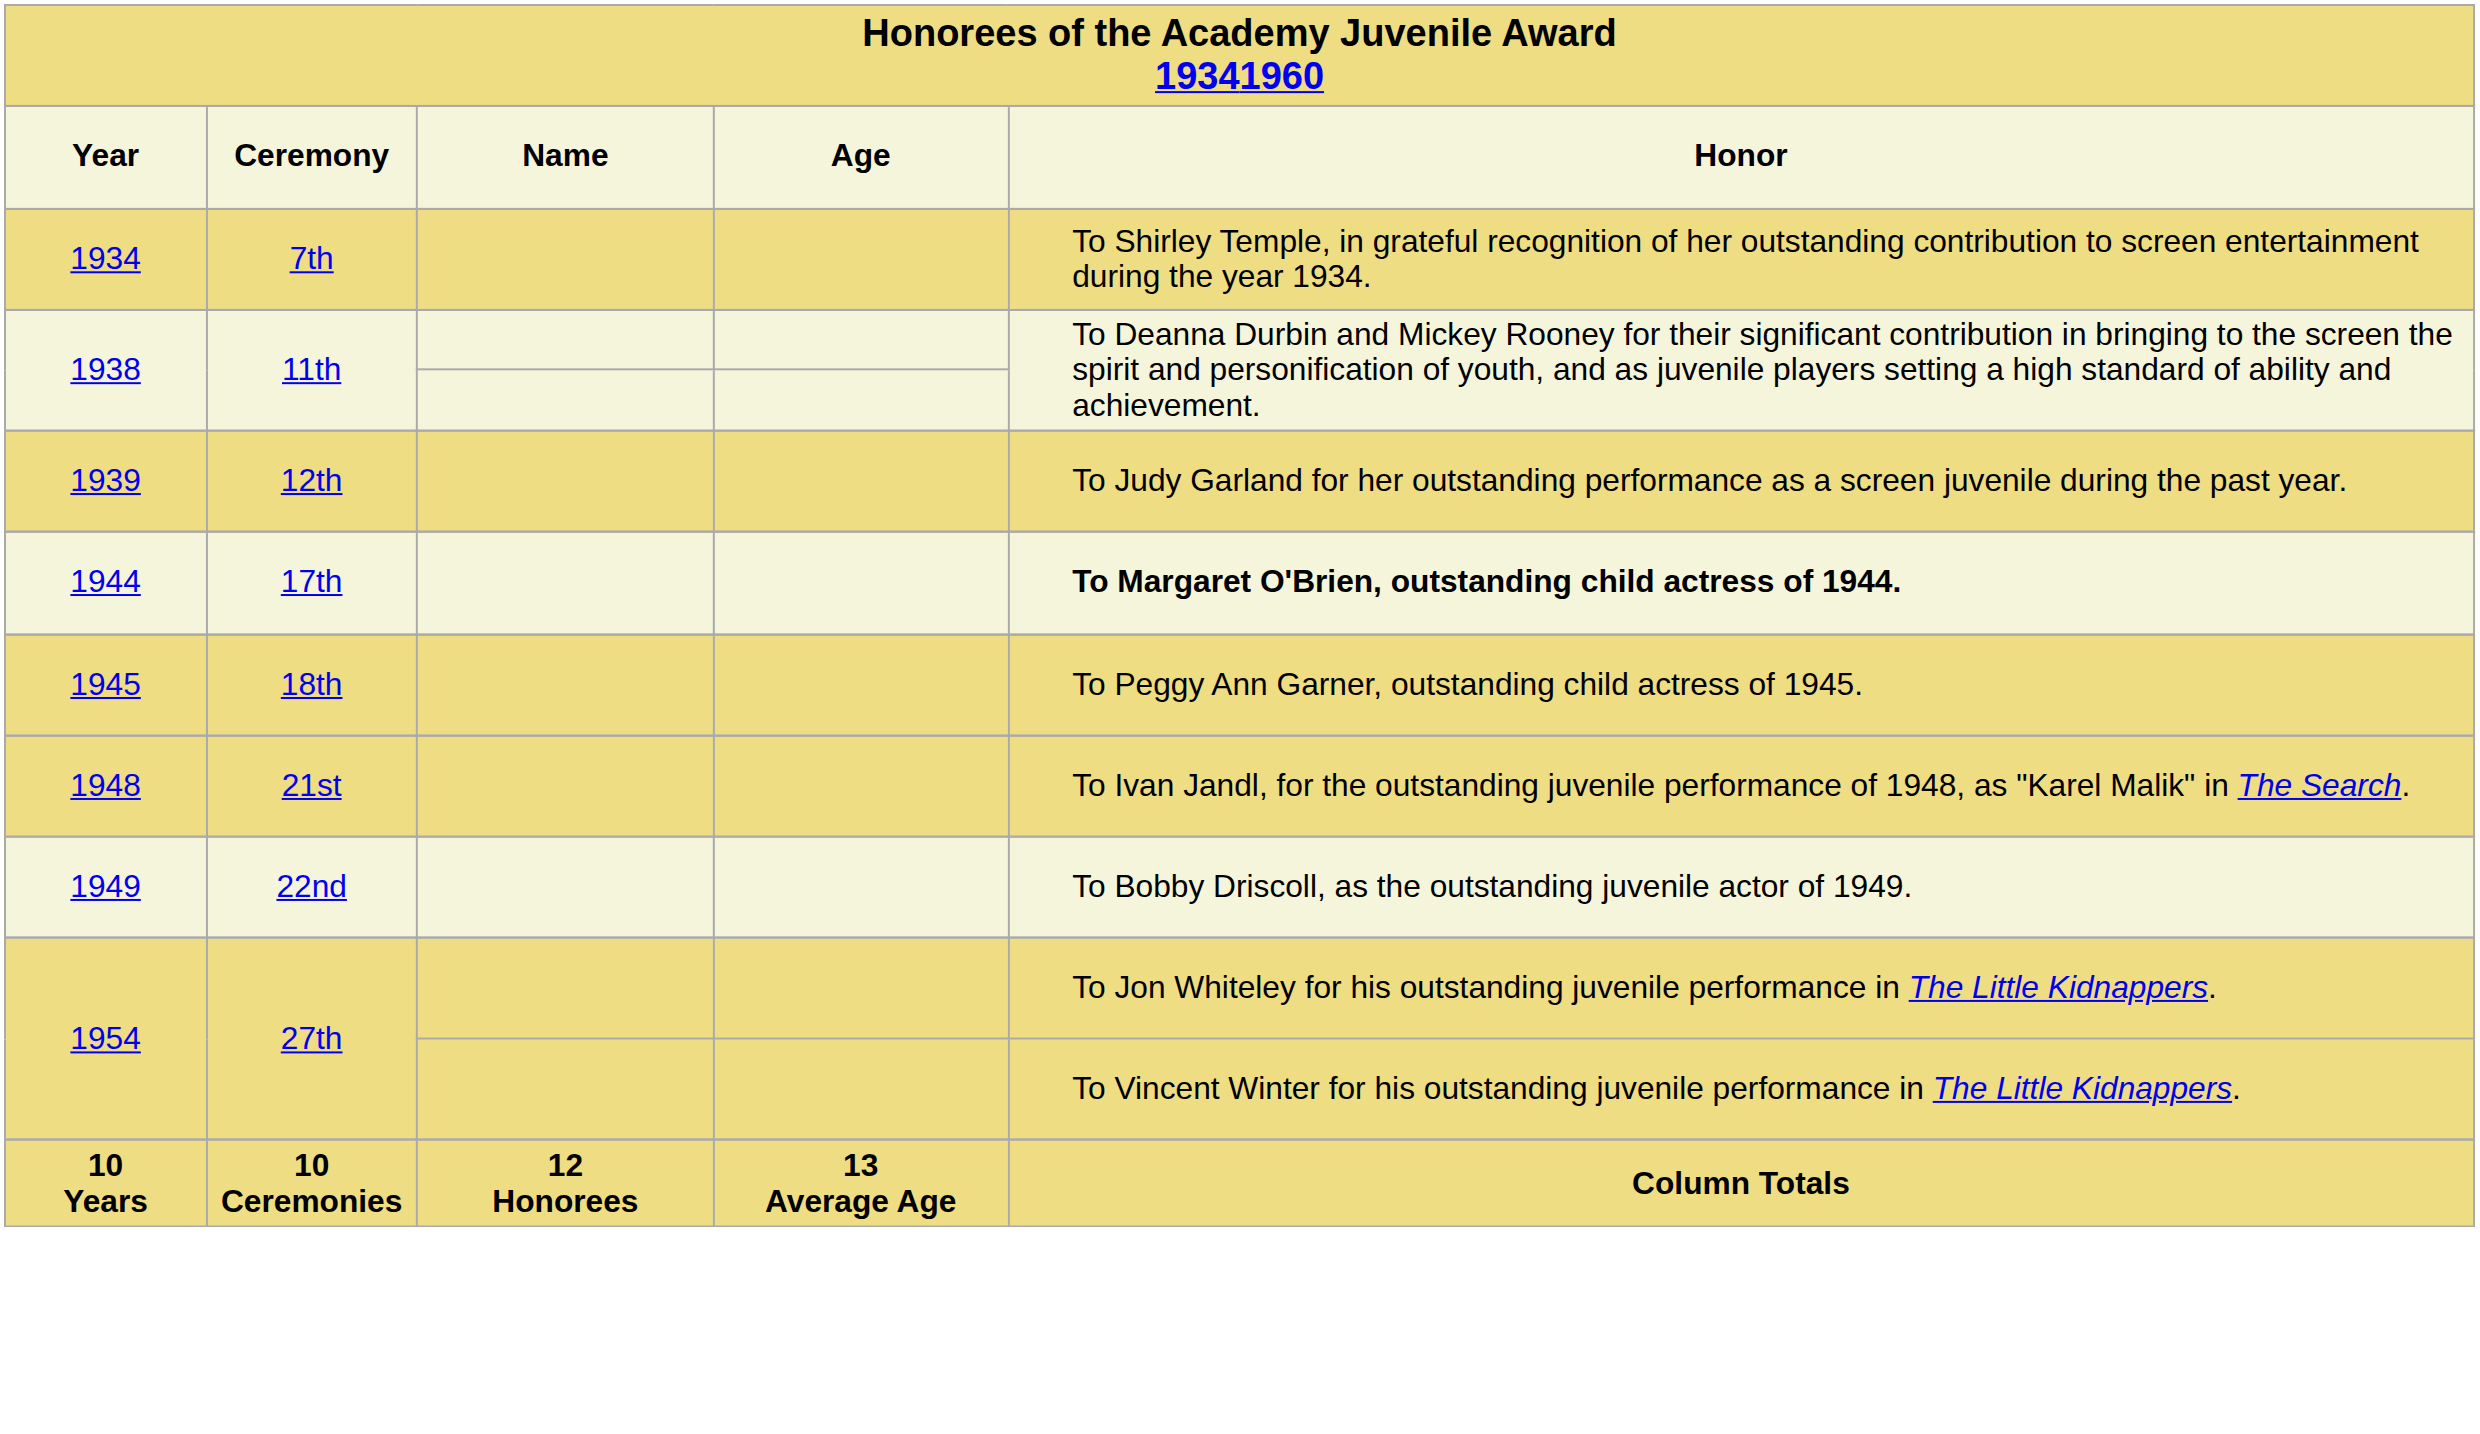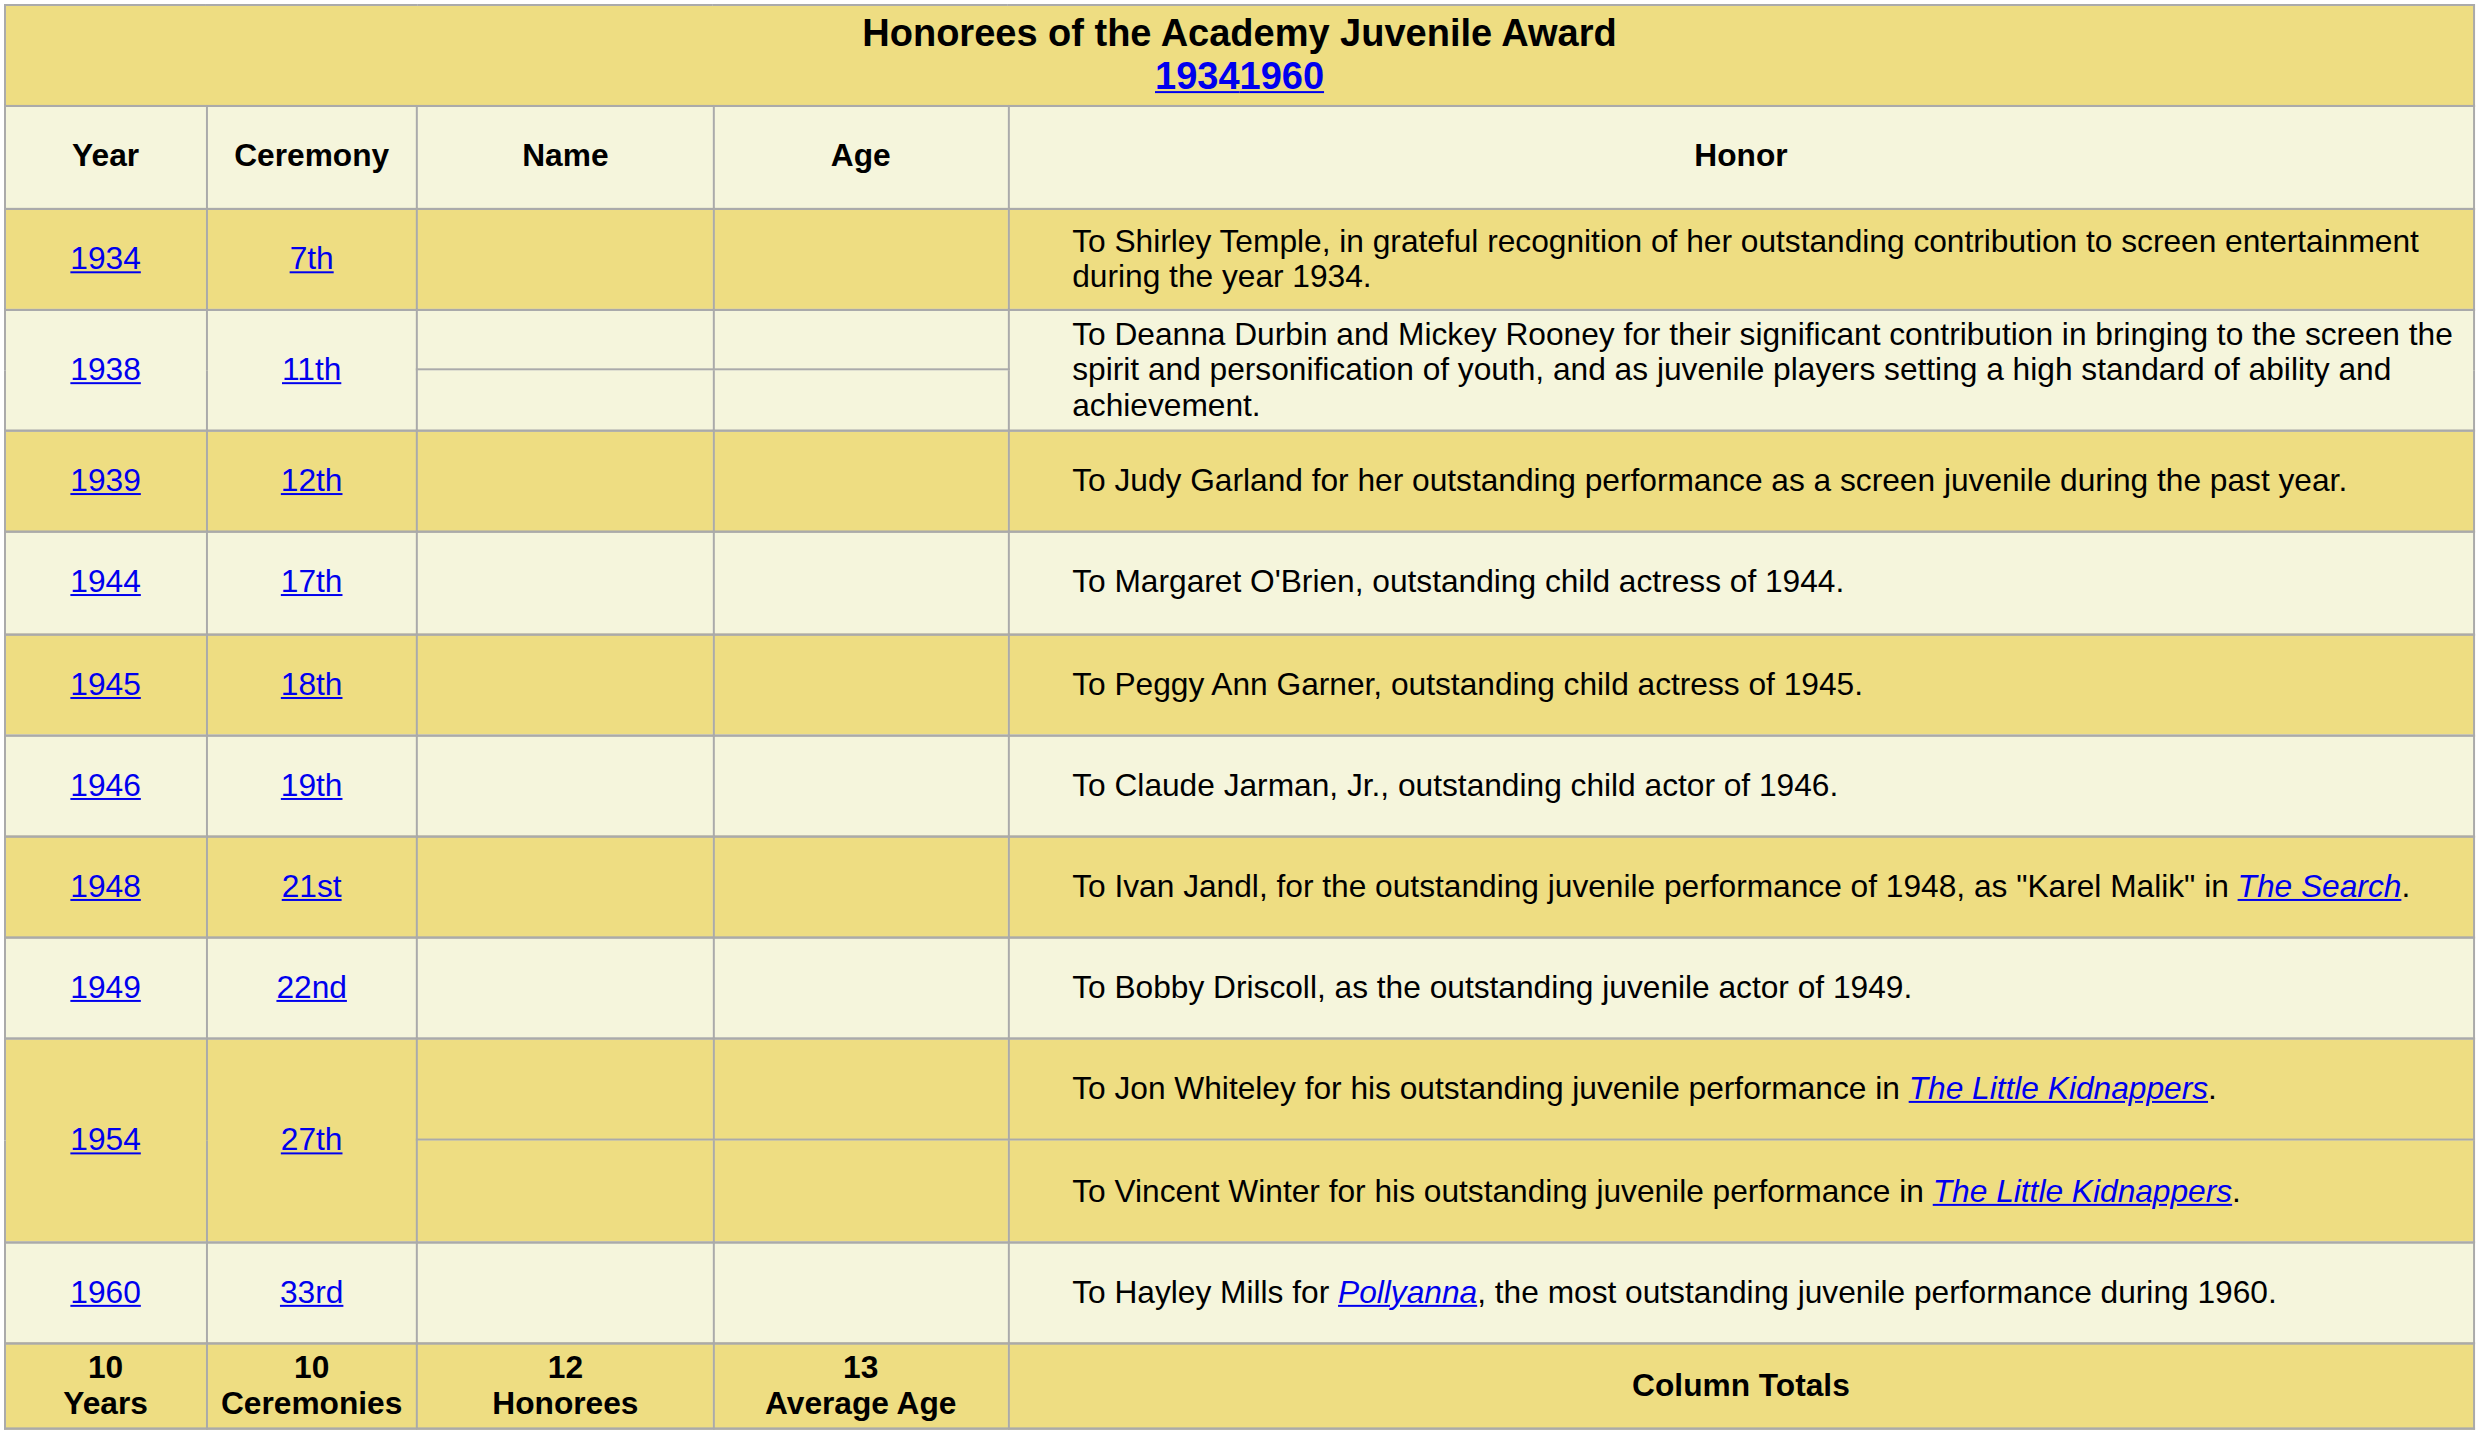 <table class="wikitable sortable" style="text-align: center">
 <tr>
 <th colspan=5 align=center style="background:#EEDD82"><big>Honorees of the Academy Juvenile Award<br><a href='#'>1934</a><a href='#'>1960</a></big></th>
 </tr>
 <tr>
 </tr>
 <tr style="height: 3.2em;">
 <th style="background-color:#F5F5DC; width:100px;">Year</th>
 <th style="background-color:#F5F5DC; width:100px;">Ceremony</th>
 <th style="background-color:#F5F5DC; width:150px;">Name</th>
 <th style="background-color:#F5F5DC; width:150px;">Age</th>
 <th style="background-color:#F5F5DC; width:800px;">Honor</th>
 </tr>
 <tr>
 </tr>
 <tr style="background-color:#EEDD82; height:3.2em;">
 <td><a href='#'>1934</a></td>
 <td data-sort-value="07"><a href='#'>7th</a></td>
 <td></td>
 <td></td>
 <td align="left"style="padding-left: 2em;">To Shirley Temple, in grateful recognition of her outstanding contribution to screen entertainment during the year 1934.</td>
 </tr>
 <tr>
 </tr>
 <tr style="background-color:#F5F5DC">
 <td rowspan="2"><a href='#'>1938</a></td>
 <td rowspan="2"><a href='#'>11th</a></td>
 <td></td>
 <td></td>
 <td rowspan="2" align="left"style="padding-left: 2em;">To Deanna Durbin and Mickey Rooney for their significant contribution in bringing to the screen the spirit and personification of youth, and as juvenile players setting a high standard of ability and achievement.</td>
 </tr>
 <tr style="background-color:#F5F5DC">
 <td></td>
 <td style="white-space:nowrap;"></td>
 </tr>
 <tr>
 </tr>
 <tr style="background-color:#EEDD82; height:3.2em;">
 <td><a href='#'>1939</a></td>
 <td data-sort-value="12"><a href='#'>12th</a></td>
 <td></td>
 <td></td>
 <td align="left"style="padding-left: 2em;">To Judy Garland for her outstanding performance as a screen juvenile during the past year.</td>
 </tr>
 <tr>
 </tr>
 <tr style="background-color:#F5F5DC; height:3.2em;">
 <td><a href='#'>1944</a></td>
 <td data-sort-value="17"><a href='#'>17th</a></td>
 <td></td>
 <td></td>
-<td align="left"style="padding-left: 2em;"><strong>To Margaret O'Brien, outstanding child actress of 1944.</strong></td>
+<td align="left"style="padding-left: 2em;">To Margaret O'Brien, outstanding child actress of 1944.</td>
 </tr>
 <tr>
 </tr>
 <tr style="background-color:#EEDD82; height:3.2em;">
 <td><a href='#'>1945</a></td>
 <td data-sort-value="18"><a href='#'>18th</a></td>
 <td style="white-space:nowrap;"></td>
 <td></td>
 <td align="left"style="padding-left: 2em;">To Peggy Ann Garner, outstanding child actress of 1945.</td>
 </tr>
 <tr>
+</tr>
+<tr style="background-color:#F5F5DC; height:3.2em;">
+<td><a href='#'>1946</a></td>
+<td data-sort-value="19"><a href='#'>19th</a></td>
+<td></td>
+<td></td>
+<td align="left"style="padding-left: 2em;">To Claude Jarman, Jr., outstanding child actor of 1946.</td>
 </tr>
 <tr>
 </tr>
 <tr style="background-color:#EEDD82; height:3.2em;">
 <td><a href='#'>1948</a></td>
 <td data-sort-value="21"><a href='#'>21st</a></td>
 <td></td>
 <td></td>
 <td align="left"style="padding-left: 2em;">To Ivan Jandl, for the outstanding juvenile performance of 1948, as "Karel Malik" in <em><a href='#'>The Search</a></em>.</td>
 </tr>
 <tr>
 </tr>
 <tr style="background-color:#F5F5DC; height:3.2em;">
 <td><a href='#'>1949</a></td>
 <td data-sort-value="22"><a href='#'>22nd</a></td>
 <td></td>
 <td></td>
 <td align="left"style="padding-left: 2em;">To Bobby Driscoll, as the outstanding juvenile actor of 1949.</td>
 </tr>
 <tr>
 </tr>
 <tr style="background-color:#EEDD82; height:3.2em;">
 <td rowspan="2"><a href='#'>1954</a></td>
 <td rowspan="2" data-sort-value="27"><a href='#'>27th</a></td>
 <td></td>
 <td></td>
 <td align="left"style="padding-left: 2em;">To Jon Whiteley for his outstanding juvenile performance in <em><a href='#'>The Little Kidnappers</a></em>.</td>
 </tr>
 <tr style="background-color:#EEDD82; height:3.2em;">
 <td></td>
 <td></td>
 <td align="left"style="padding-left: 2em;">To Vincent Winter for his outstanding juvenile performance in <em><a href='#'>The Little Kidnappers</a></em>.</td>
 </tr>
 <tr>
 </tr>
+<tr style="background-color:#F5F5DC; height:3.2em;">
+<td><a href='#'>1960</a></td>
+<td data-sort-value="33"><a href='#'>33rd</a></td>
+<td></td>
+<td></td>
+<td align="left"style="padding-left: 2em;">To Hayley Mills for <em><a href='#'>Pollyanna</a></em>, the most outstanding juvenile performance during 1960.</td>
+</tr>
 <tr>
 </tr>
 <tr class="sortbottom">
 <th style="background-color:#EEDD82">10              <br>  Years</th>
 <th style="background-color:#EEDD82">10              <br>  Ceremonies</th>
 <th style="background-color:#EEDD82">12              <br>  Honorees</th>
 <th style="background-color:#EEDD82">13              <br>  Average Age</th>
 <th style="background-color:#EEDD82">Column Totals</th>
 </tr>
 <tr>
 </tr>
 </table>
